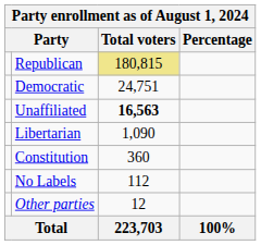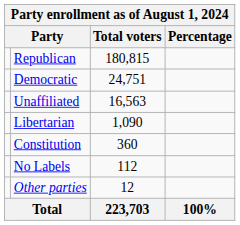 <table class=wikitable>
 <tr>
 <th colspan = 6>Party enrollment as of August 1, 2024</th>
 </tr>
 <tr>
 <th colspan = 2>Party</th>
 <th>Total voters</th>
 <th>Percentage</th>
 </tr>
 <tr>
 <td></td>
 <td><a href='#'>Republican</a></td>
-<td align=center style="background: khaki;">180,815</td>
+<td align=center>180,815</td>
 <td align=center></td>
 </tr>
 <tr>
 <td></td>
 <td><a href='#'>Democratic</a></td>
 <td align=center>24,751</td>
 <td align=center></td>
 </tr>
 <tr>
 <td></td>
 <td><a href='#'>Unaffiliated</a></td>
-<td align=center><strong>16,563</strong></td>
+<td align=center>16,563</td>
 <td align=center></td>
 </tr>
 <tr>
 <td></td>
 <td><a href='#'>Libertarian</a></td>
 <td align=center>1,090</td>
 <td align=center></td>
 </tr>
 <tr>
 <td></td>
 <td><a href='#'>Constitution</a></td>
 <td align=center>360</td>
 <td align=center></td>
 </tr>
 <tr>
 <td></td>
 <td><a href='#'>No Labels</a></td>
 <td align=center>112</td>
 <td align=center></td>
 </tr>
 <tr>
 <td></td>
 <td><em><a href='#'>Other parties</a></em></td>
 <td align=center>12</td>
 <td align=center></td>
 </tr>
 <tr>
 <th colspan = 2>Total</th>
 <th align=right>223,703</th>
 <th align=right>100%</th>
 </tr>
 </table>
